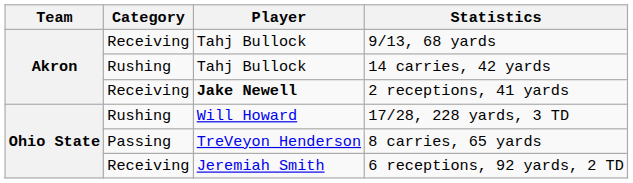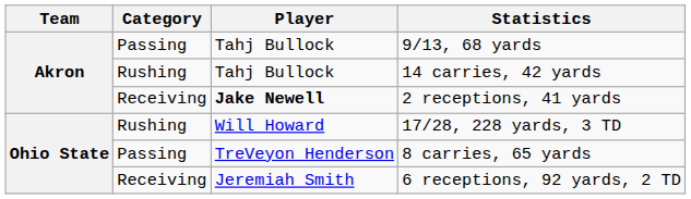 <table class="wikitable" style="float:right">
 <tr>
 <th>Team</th>
 <th>Category</th>
 <th>Player</th>
 <th>Statistics</th>
 </tr>
 <tr>
 <th rowspan=3>Akron</th>
-<td>Receiving</td>
+<td>Passing</td>
 <td>Tahj Bullock</td>
 <td>9/13, 68 yards</td>
 </tr>
 <tr>
 <td>Rushing</td>
 <td>Tahj Bullock</td>
 <td>14 carries, 42 yards</td>
 </tr>
 <tr>
 <td>Receiving</td>
 <td><strong>Jake Newell</strong></td>
 <td>2 receptions, 41 yards</td>
 </tr>
 <tr>
 <th rowspan=3>Ohio State</th>
 <td>Rushing</td>
 <td><a href='#'>Will Howard</a></td>
 <td>17/28, 228 yards, 3 TD</td>
 </tr>
 <tr>
 <td>Passing</td>
 <td><a href='#'>TreVeyon Henderson</a></td>
 <td>8 carries, 65 yards</td>
 </tr>
 <tr>
 <td>Receiving</td>
 <td><a href='#'>Jeremiah Smith</a></td>
 <td>6 receptions, 92 yards, 2 TD</td>
 </tr>
 </table>
